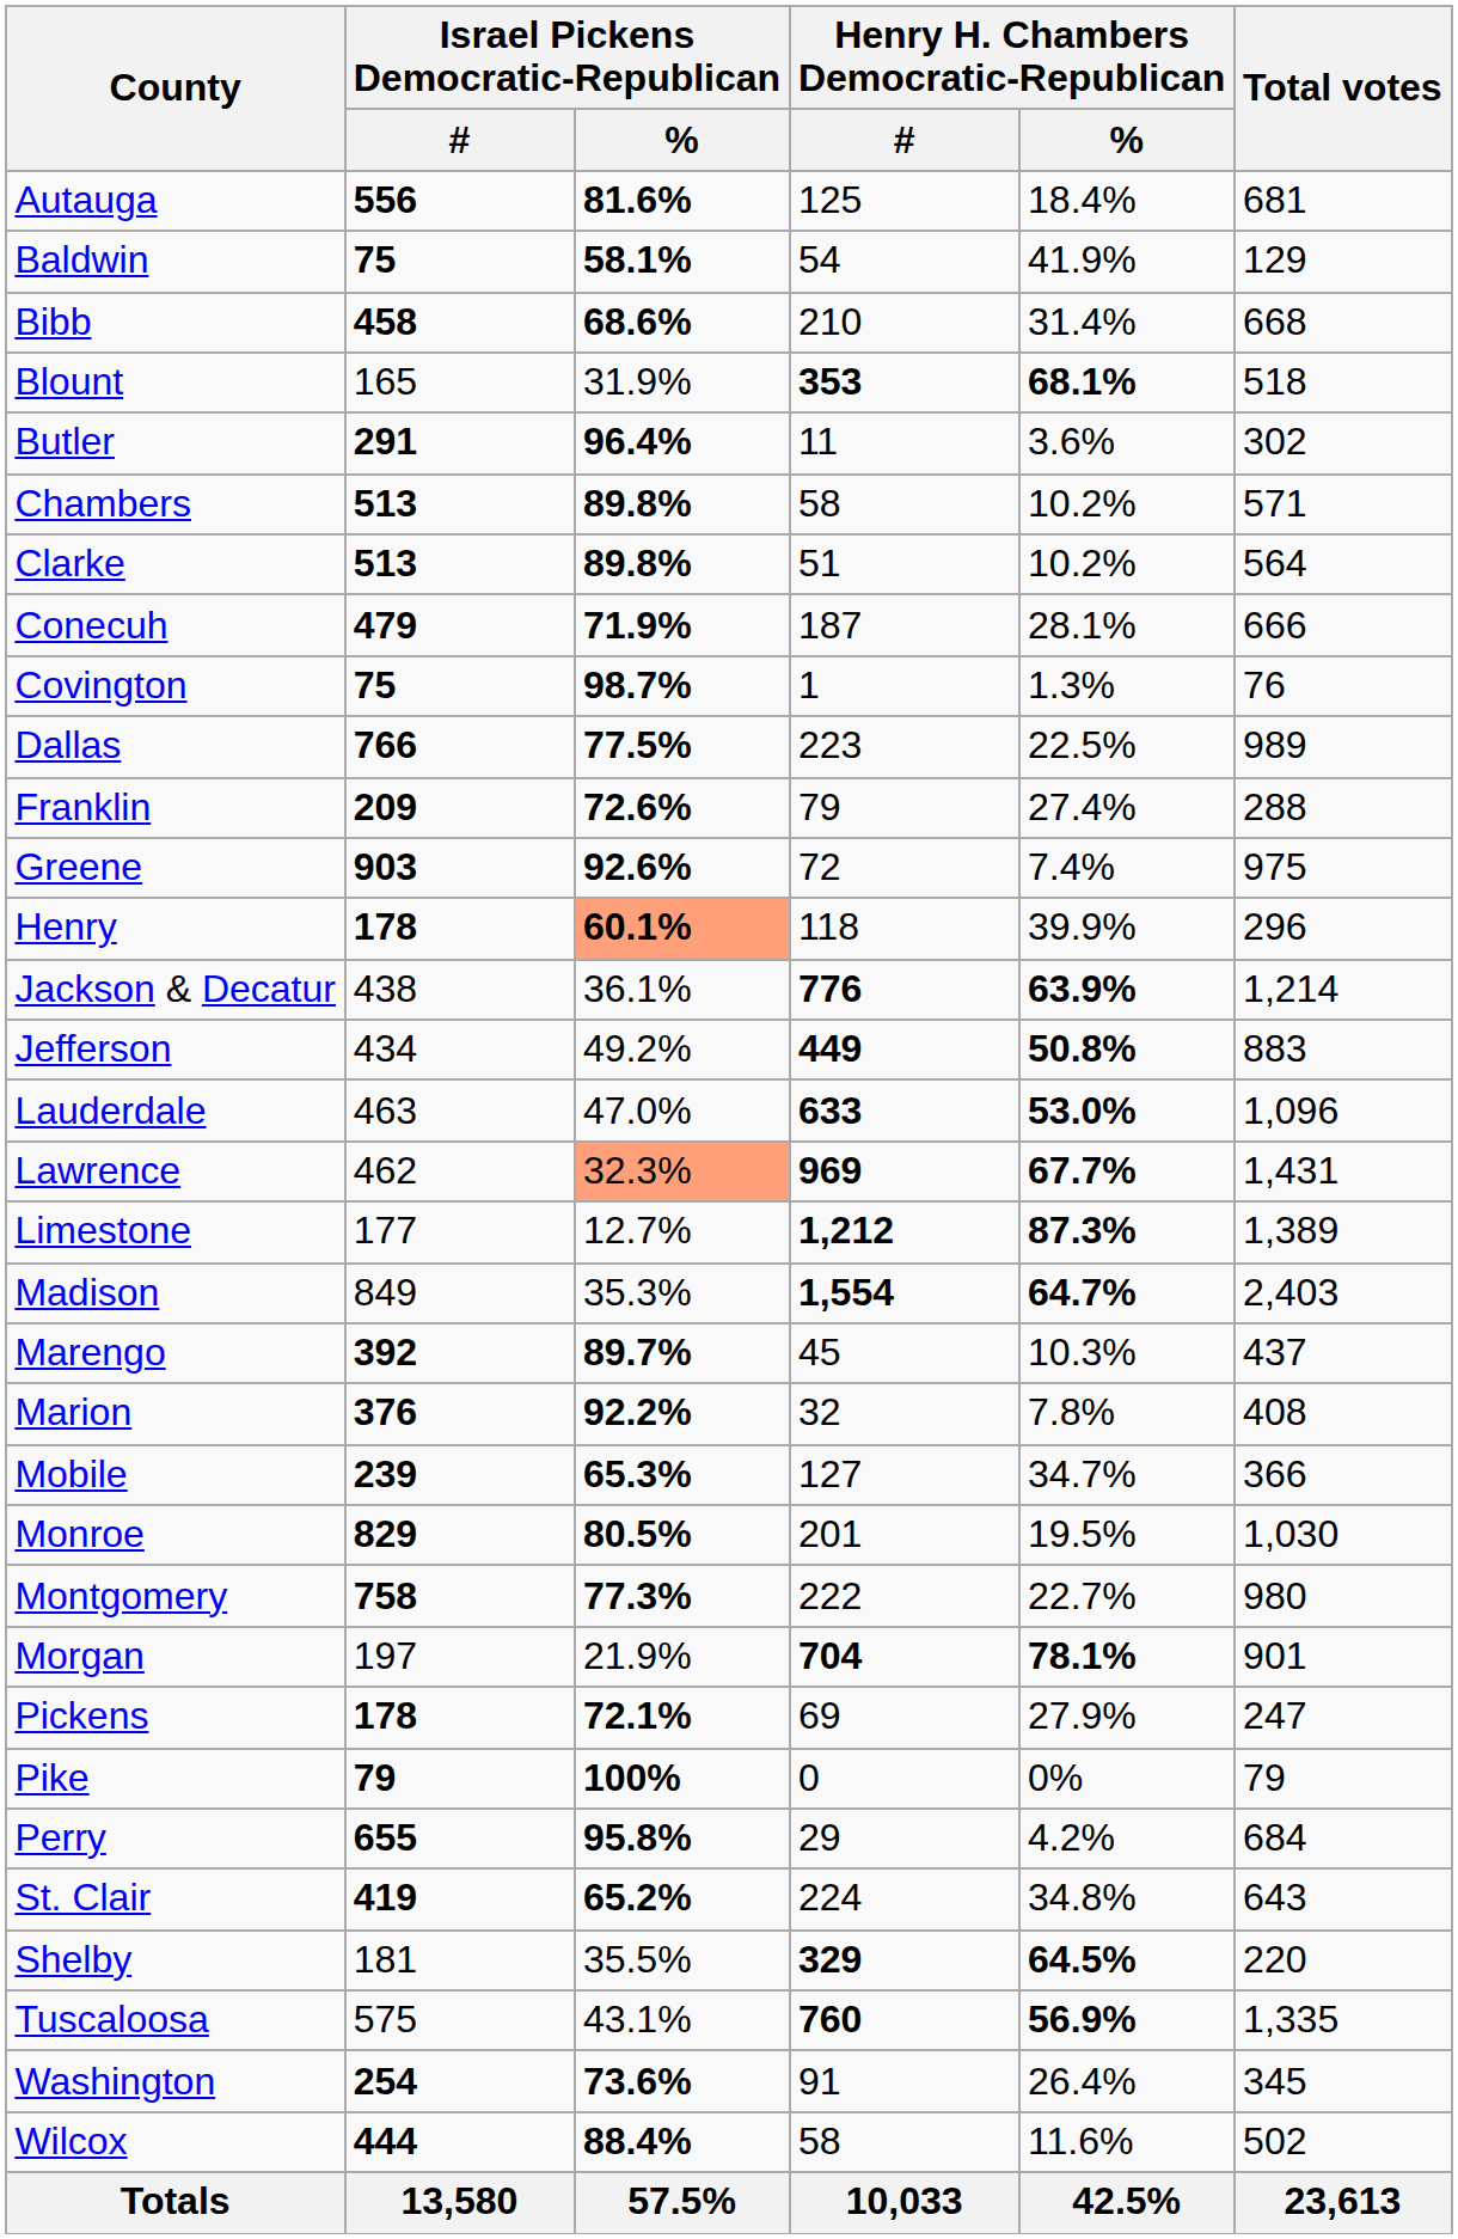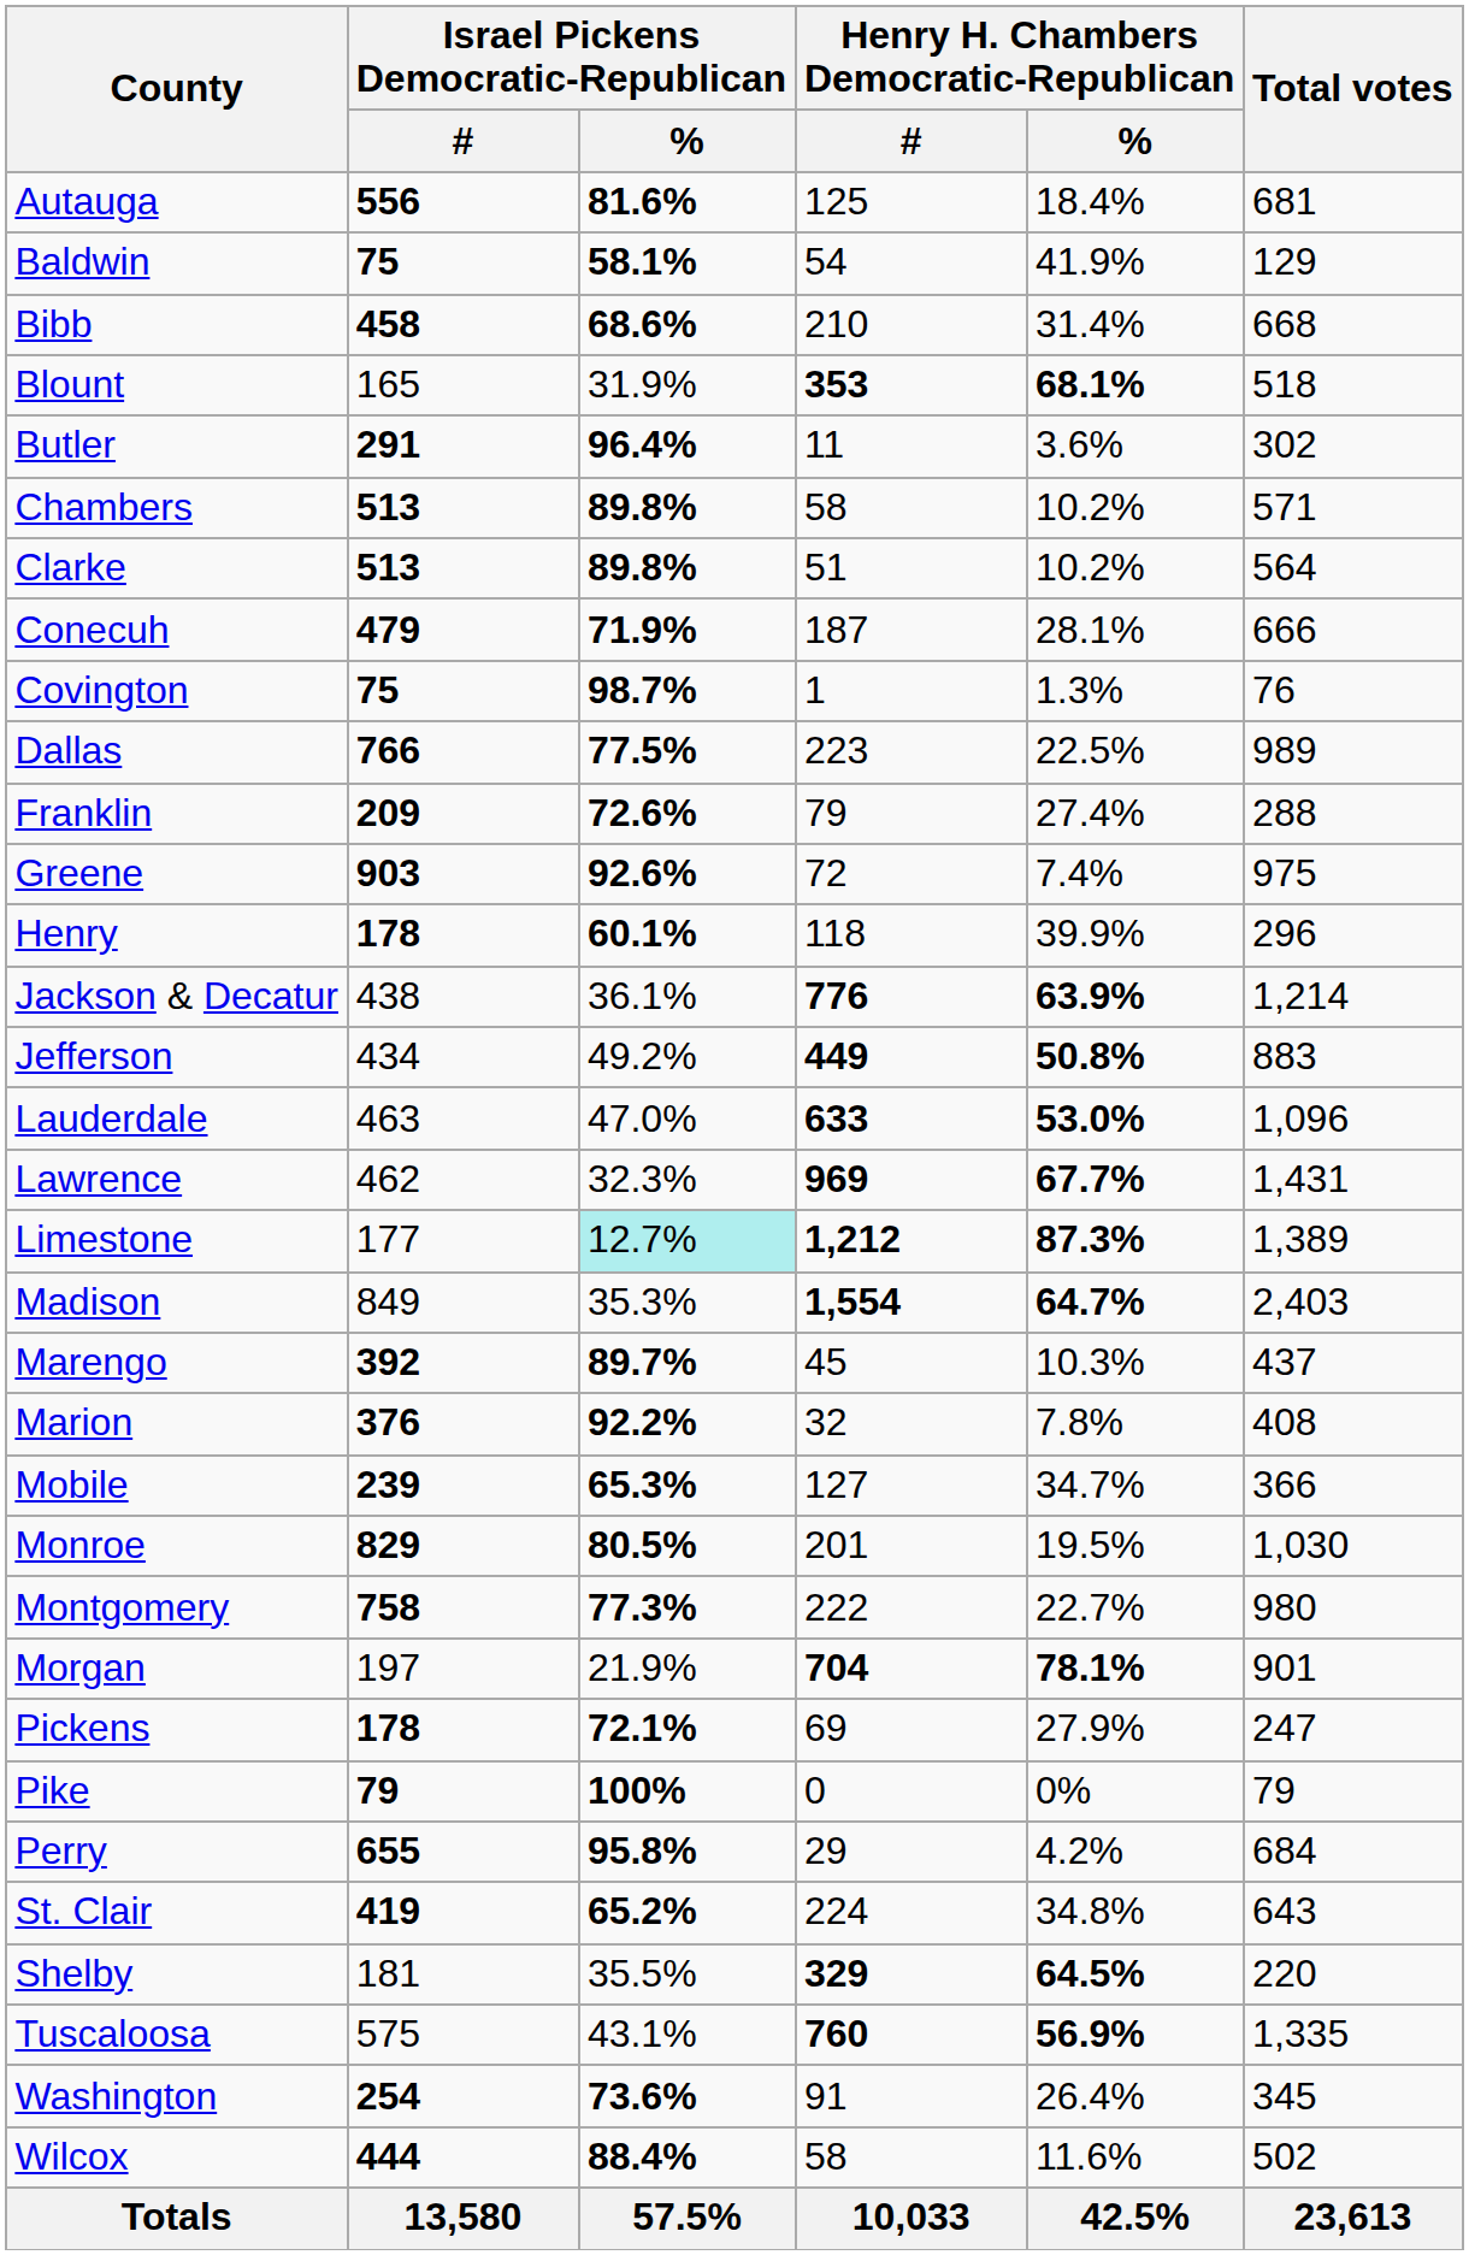 <table class="wikitable sortable">
 <tr>
 <th rowspan="2" scope="col">County</th>
 <th colspan="2" scope="col">Israel Pickens<br>Democratic-Republican</th>
 <th colspan="2" scope="col">Henry H. Chambers<br>Democratic-Republican</th>
 <th rowspan="2" scope="col">Total votes</th>
 </tr>
 <tr>
 <th>#</th>
 <th>%</th>
 <th>#</th>
 <th>%</th>
 </tr>
 <tr>
 <td><a href='#'>Autauga</a></td>
 <td><strong>556</strong></td>
 <td><strong>81.6%</strong></td>
 <td>125</td>
 <td>18.4%</td>
 <td>681</td>
 </tr>
 <tr>
 <td><a href='#'>Baldwin</a></td>
 <td><strong>75</strong></td>
 <td><strong>58.1%</strong></td>
 <td>54</td>
 <td>41.9%</td>
 <td>129</td>
 </tr>
 <tr>
 <td><a href='#'>Bibb</a></td>
 <td><strong>458</strong></td>
 <td><strong>68.6%</strong></td>
 <td>210</td>
 <td>31.4%</td>
 <td>668</td>
 </tr>
 <tr>
 <td><a href='#'>Blount</a></td>
 <td>165</td>
 <td>31.9%</td>
 <td><strong>353</strong></td>
 <td><strong>68.1%</strong></td>
 <td>518</td>
 </tr>
 <tr>
 <td><a href='#'>Butler</a></td>
 <td><strong>291</strong></td>
 <td><strong>96.4%</strong></td>
 <td>11</td>
 <td>3.6%</td>
 <td>302</td>
 </tr>
 <tr>
 <td><a href='#'>Chambers</a></td>
 <td><strong>513</strong></td>
 <td><strong>89.8%</strong></td>
 <td>58</td>
 <td>10.2%</td>
 <td>571</td>
 </tr>
 <tr>
 <td><a href='#'>Clarke</a></td>
 <td><strong>513</strong></td>
 <td><strong>89.8%</strong></td>
 <td>51</td>
 <td>10.2%</td>
 <td>564</td>
 </tr>
 <tr>
 <td><a href='#'>Conecuh</a></td>
 <td><strong>479</strong></td>
 <td><strong> 71.9%</strong></td>
 <td>187</td>
 <td>28.1%</td>
 <td>666</td>
 </tr>
 <tr>
 <td><a href='#'>Covington</a></td>
 <td><strong>75</strong></td>
 <td><strong> 98.7%</strong></td>
 <td>1</td>
 <td>1.3%</td>
 <td>76</td>
 </tr>
 <tr>
 <td><a href='#'>Dallas</a></td>
 <td><strong>766</strong></td>
 <td><strong>77.5%</strong></td>
 <td>223</td>
 <td>22.5%</td>
 <td>989</td>
 </tr>
 <tr>
 <td><a href='#'>Franklin</a></td>
 <td><strong>209</strong></td>
 <td><strong>72.6%</strong></td>
 <td>79</td>
 <td>27.4%</td>
 <td>288</td>
 </tr>
 <tr>
 <td><a href='#'>Greene</a></td>
 <td><strong>903</strong></td>
 <td><strong>92.6%</strong></td>
 <td>72</td>
 <td>7.4%</td>
 <td>975</td>
 </tr>
 <tr>
 <td><a href='#'>Henry</a></td>
 <td><strong>178</strong></td>
-<td style="background: lightsalmon;"><strong>60.1%</strong></td>
+<td><strong>60.1%</strong></td>
 <td>118</td>
 <td>39.9%</td>
 <td>296</td>
 </tr>
 <tr>
 <td><a href='#'>Jackson</a> & <a href='#'>Decatur</a></td>
 <td>438</td>
 <td>36.1%</td>
 <td><strong>776</strong></td>
 <td><strong>63.9%</strong></td>
 <td>1,214</td>
 </tr>
 <tr>
 <td><a href='#'>Jefferson</a></td>
 <td>434</td>
 <td>49.2%</td>
 <td><strong>449</strong></td>
 <td><strong>50.8%</strong></td>
 <td>883</td>
 </tr>
 <tr>
 <td><a href='#'>Lauderdale</a></td>
 <td>463</td>
 <td>47.0%</td>
 <td><strong>633</strong></td>
 <td><strong>53.0%</strong></td>
 <td>1,096</td>
 </tr>
 <tr>
 <td><a href='#'>Lawrence</a></td>
 <td>462</td>
-<td style="background: lightsalmon;">32.3%</td>
+<td>32.3%</td>
 <td><strong>969</strong></td>
 <td><strong>67.7%</strong></td>
 <td>1,431</td>
 </tr>
 <tr>
 <td><a href='#'>Limestone</a></td>
 <td>177</td>
-<td>12.7%</td>
+<td style="background: paleturquoise;">12.7%</td>
 <td><strong>1,212</strong></td>
 <td><strong>87.3%</strong></td>
 <td>1,389</td>
 </tr>
 <tr>
 <td><a href='#'>Madison</a></td>
 <td>849</td>
 <td>35.3%</td>
 <td><strong>1,554</strong></td>
 <td><strong>64.7%</strong></td>
 <td>2,403</td>
 </tr>
 <tr>
 <td><a href='#'>Marengo</a></td>
 <td><strong>392</strong></td>
 <td><strong>89.7%</strong></td>
 <td>45</td>
 <td>10.3%</td>
 <td>437</td>
 </tr>
 <tr>
 <td><a href='#'>Marion</a></td>
 <td><strong>376</strong></td>
 <td><strong>92.2%</strong></td>
 <td>32</td>
 <td>7.8%</td>
 <td>408</td>
 </tr>
 <tr>
 <td><a href='#'>Mobile</a></td>
 <td><strong>239</strong></td>
 <td><strong>65.3%</strong></td>
 <td>127</td>
 <td>34.7%</td>
 <td>366</td>
 </tr>
 <tr>
 <td><a href='#'>Monroe</a></td>
 <td><strong>829</strong></td>
 <td><strong>80.5%</strong></td>
 <td>201</td>
 <td>19.5%</td>
 <td>1,030</td>
 </tr>
 <tr>
 <td><a href='#'>Montgomery</a></td>
 <td><strong>758</strong></td>
 <td><strong>77.3%</strong></td>
 <td>222</td>
 <td>22.7%</td>
 <td>980</td>
 </tr>
 <tr>
 <td><a href='#'>Morgan</a></td>
 <td>197</td>
 <td>21.9%</td>
 <td><strong>704</strong></td>
 <td><strong>78.1%</strong></td>
 <td>901</td>
 </tr>
 <tr>
 <td><a href='#'>Pickens</a></td>
 <td><strong>178</strong></td>
 <td><strong>72.1%</strong></td>
 <td>69</td>
 <td>27.9%</td>
 <td>247</td>
 </tr>
 <tr>
 <td><a href='#'>Pike</a></td>
 <td><strong>79</strong></td>
 <td><strong>100%</strong></td>
 <td>0</td>
 <td>0%</td>
 <td>79</td>
 </tr>
 <tr>
 <td><a href='#'>Perry</a></td>
 <td><strong>655</strong></td>
 <td><strong>95.8%</strong></td>
 <td>29</td>
 <td>4.2%</td>
 <td>684</td>
 </tr>
 <tr>
 <td><a href='#'>St. Clair</a></td>
 <td><strong>419</strong></td>
 <td><strong>65.2%</strong></td>
 <td>224</td>
 <td>34.8%</td>
 <td>643</td>
 </tr>
 <tr>
 <td><a href='#'>Shelby</a></td>
 <td>181</td>
 <td>35.5%</td>
 <td><strong>329</strong></td>
 <td><strong>64.5%</strong></td>
 <td>220</td>
 </tr>
 <tr>
 <td><a href='#'>Tuscaloosa</a></td>
 <td>575</td>
 <td>43.1%</td>
 <td><strong>760</strong></td>
 <td><strong>56.9%</strong></td>
 <td>1,335</td>
 </tr>
 <tr>
 <td><a href='#'>Washington</a></td>
 <td><strong>254</strong></td>
 <td><strong>73.6%</strong></td>
 <td>91</td>
 <td>26.4%</td>
 <td>345</td>
 </tr>
 <tr>
 <td><a href='#'>Wilcox</a></td>
 <td><strong>444</strong></td>
 <td><strong>88.4%</strong></td>
 <td>58</td>
 <td>11.6%</td>
 <td>502</td>
 </tr>
 <tr>
 <th>Totals</th>
 <th>13,580</th>
 <th>57.5%</th>
 <th>10,033</th>
 <th>42.5%</th>
 <th>23,613</th>
 </tr>
 </table>
